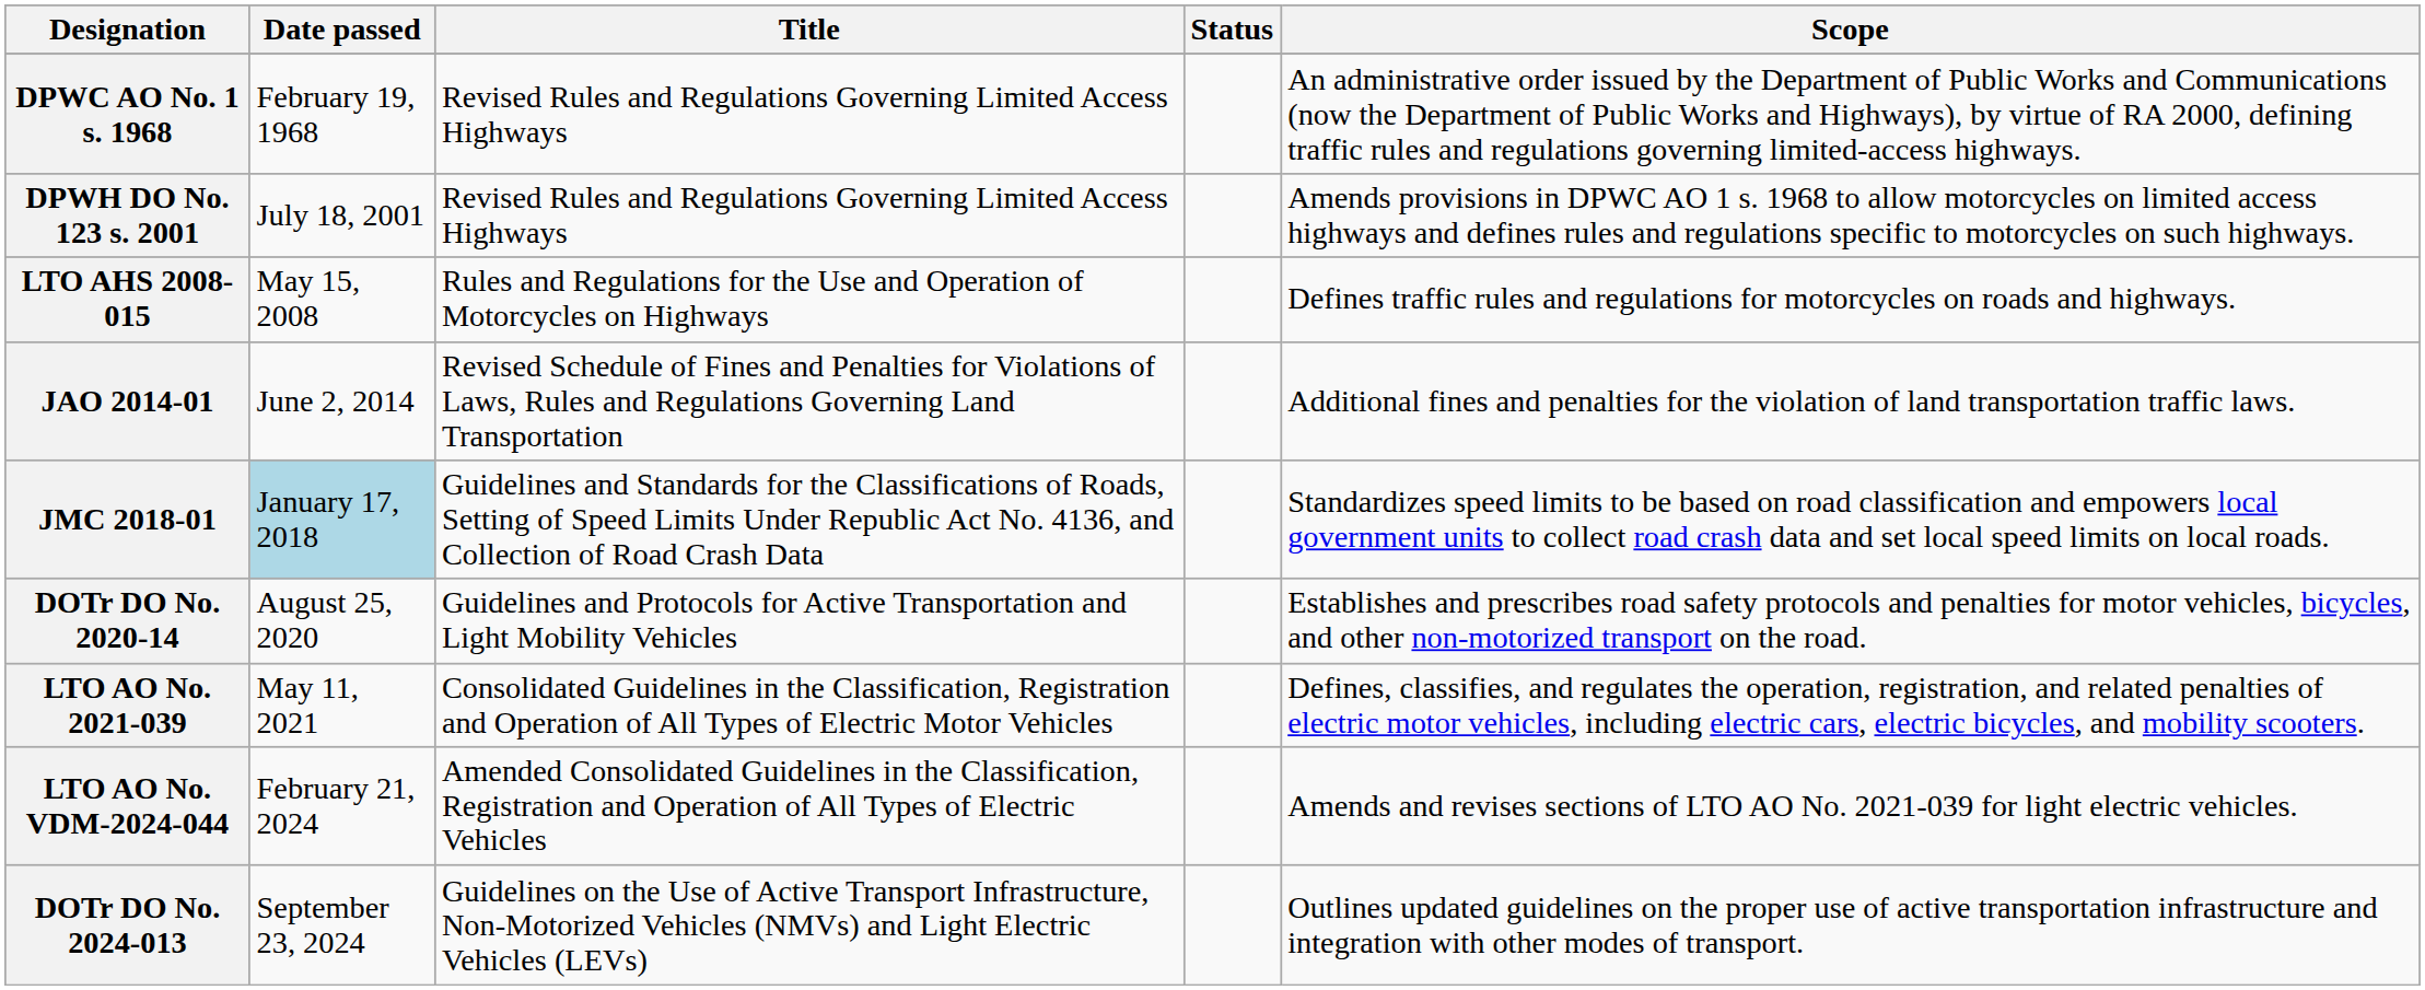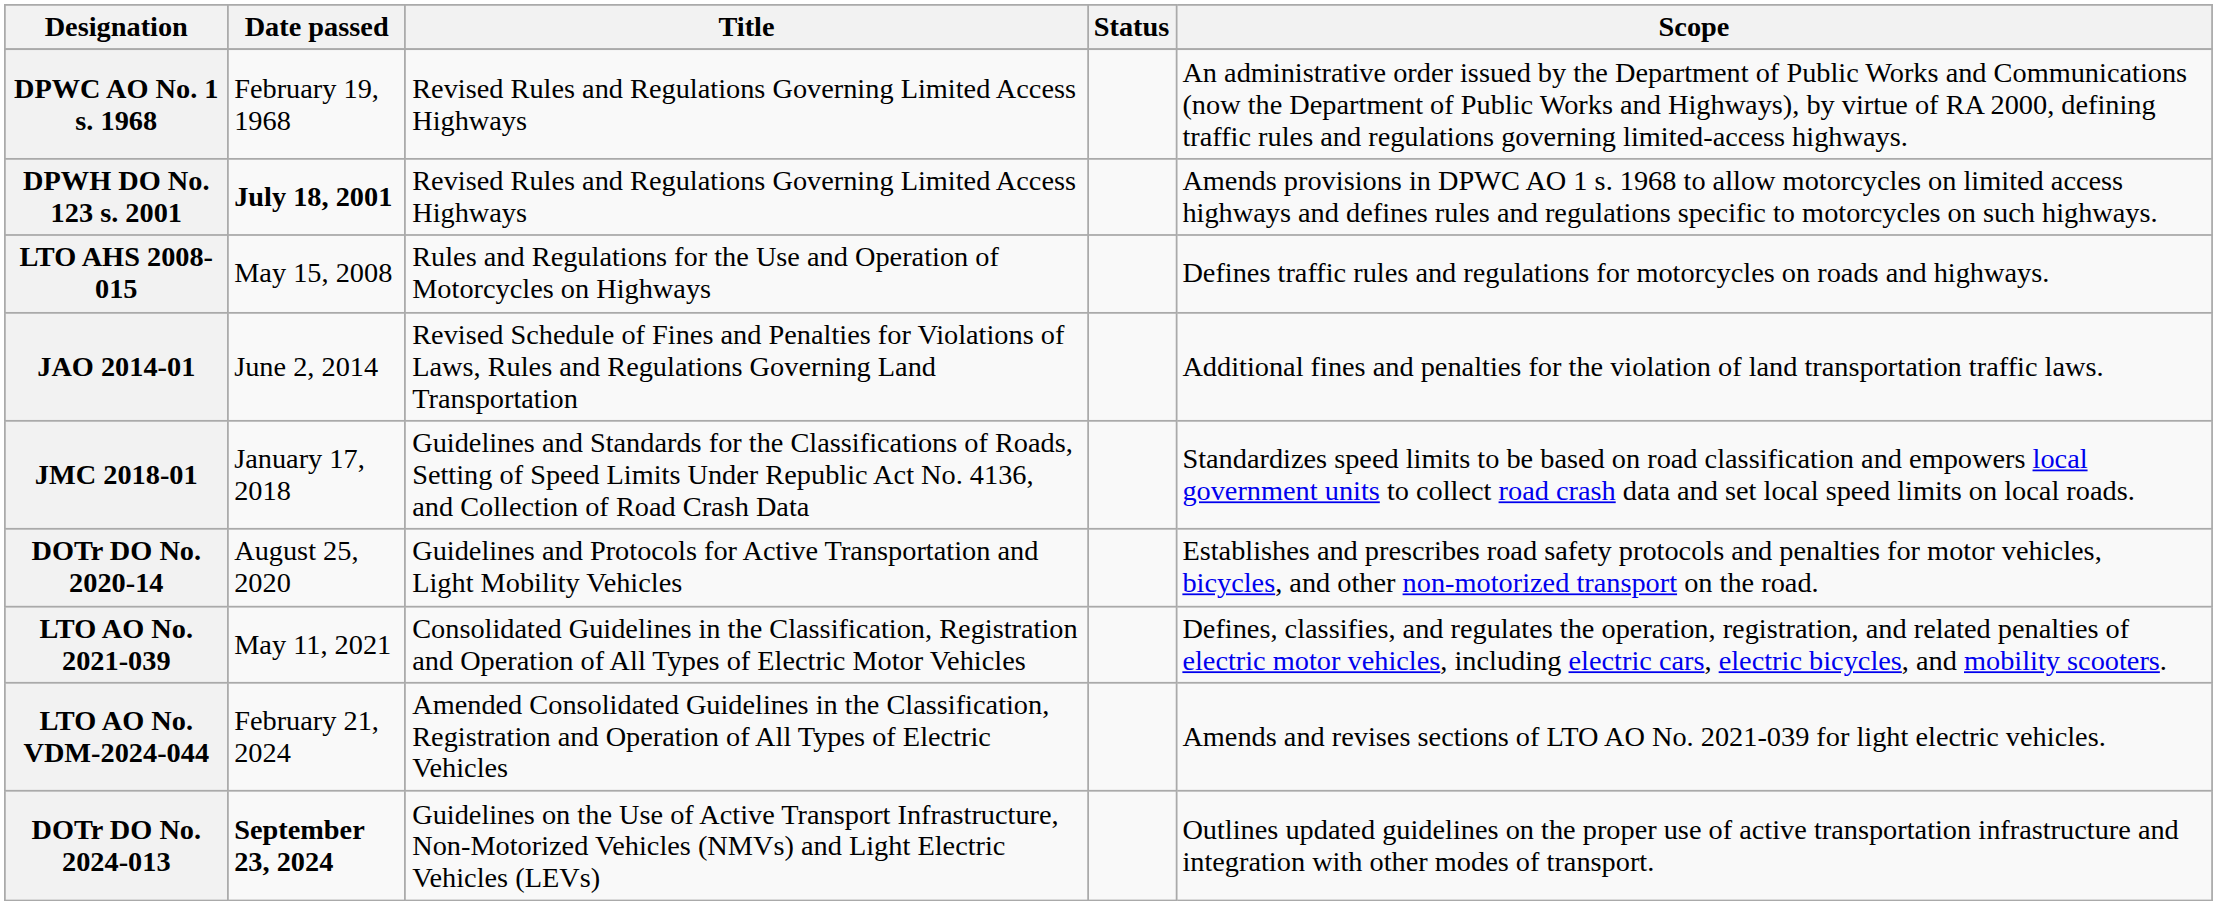 <table class="wikitable sortable collapsible" style="min-width:50%;">
 <tr>
 <th>Designation</th>
 <th data-sort-type="date">Date passed</th>
 <th>Title</th>
 <th>Status</th>
 <th>Scope</th>
 </tr>
 <tr>
 </tr>
 <tr>
 <th>DPWC AO No. 1 s. 1968</th>
 <td>February 19, 1968</td>
 <td>Revised Rules and Regulations Governing Limited Access Highways</td>
 <td></td>
 <td>An administrative order issued by the Department of Public Works and Communications (now the Department of Public Works and Highways), by virtue of RA 2000, defining traffic rules and regulations governing limited-access highways.</td>
 </tr>
 <tr>
 <th>DPWH DO No. 123 s. 2001</th>
-<td>July 18, 2001</td>
+<td><strong>July 18, 2001</strong></td>
 <td>Revised Rules and Regulations Governing Limited Access Highways</td>
 <td></td>
 <td>Amends provisions in DPWC AO 1 s. 1968 to allow motorcycles on limited access highways and defines rules and regulations specific to motorcycles on such highways.</td>
 </tr>
 <tr>
 <th>LTO AHS 2008-015</th>
 <td>May 15, 2008</td>
 <td>Rules and Regulations for the Use and Operation of Motorcycles on Highways</td>
 <td></td>
 <td>Defines traffic rules and regulations for motorcycles on roads and highways.</td>
 </tr>
 <tr>
 <th>JAO 2014-01</th>
 <td>June 2, 2014</td>
 <td>Revised Schedule of Fines and Penalties for Violations of Laws, Rules and Regulations Governing Land Transportation</td>
 <td></td>
 <td>Additional fines and penalties for the violation of land transportation traffic laws.</td>
 </tr>
 <tr>
 <th>JMC 2018-01</th>
-<td style="background: lightblue;">January 17, 2018</td>
+<td>January 17, 2018</td>
 <td>Guidelines and Standards for the Classifications of Roads, Setting of Speed Limits Under Republic Act No. 4136, and Collection of Road Crash Data</td>
 <td></td>
 <td>Standardizes speed limits to be based on road classification and empowers <a href='#'>local government units</a> to collect <a href='#'>road crash</a> data and set local speed limits on local roads.</td>
 </tr>
 <tr>
 <th>DOTr DO No. 2020-14</th>
 <td>August 25, 2020</td>
 <td>Guidelines and Protocols for Active Transportation and Light Mobility Vehicles</td>
 <td></td>
 <td>Establishes and prescribes road safety protocols and penalties for motor vehicles, <a href='#'>bicycles</a>, and other <a href='#'>non-motorized transport</a> on the road.</td>
 </tr>
 <tr>
 <th>LTO AO No. 2021-039</th>
 <td>May 11, 2021</td>
 <td>Consolidated Guidelines in the Classification, Registration and Operation of All Types of Electric Motor Vehicles</td>
 <td></td>
 <td>Defines, classifies, and regulates the operation, registration, and related penalties of <a href='#'>electric motor vehicles</a>, including <a href='#'>electric cars</a>, <a href='#'>electric bicycles</a>, and <a href='#'>mobility scooters</a>.</td>
 </tr>
 <tr>
 <th>LTO AO No. VDM-2024-044</th>
 <td>February 21, 2024</td>
 <td>Amended Consolidated Guidelines in the Classification, Registration and Operation of All Types of Electric Vehicles</td>
 <td></td>
 <td>Amends and revises sections of LTO AO No. 2021-039 for light electric vehicles.</td>
 </tr>
 <tr>
 <th>DOTr DO No. 2024-013</th>
-<td>September 23, 2024</td>
+<td><strong>September 23, 2024</strong></td>
 <td>Guidelines on the Use of Active Transport Infrastructure, Non-Motorized Vehicles (NMVs) and Light Electric Vehicles (LEVs)</td>
 <td></td>
 <td>Outlines updated guidelines on the proper use of active transportation infrastructure and integration with other modes of transport.</td>
 </tr>
 </table>
